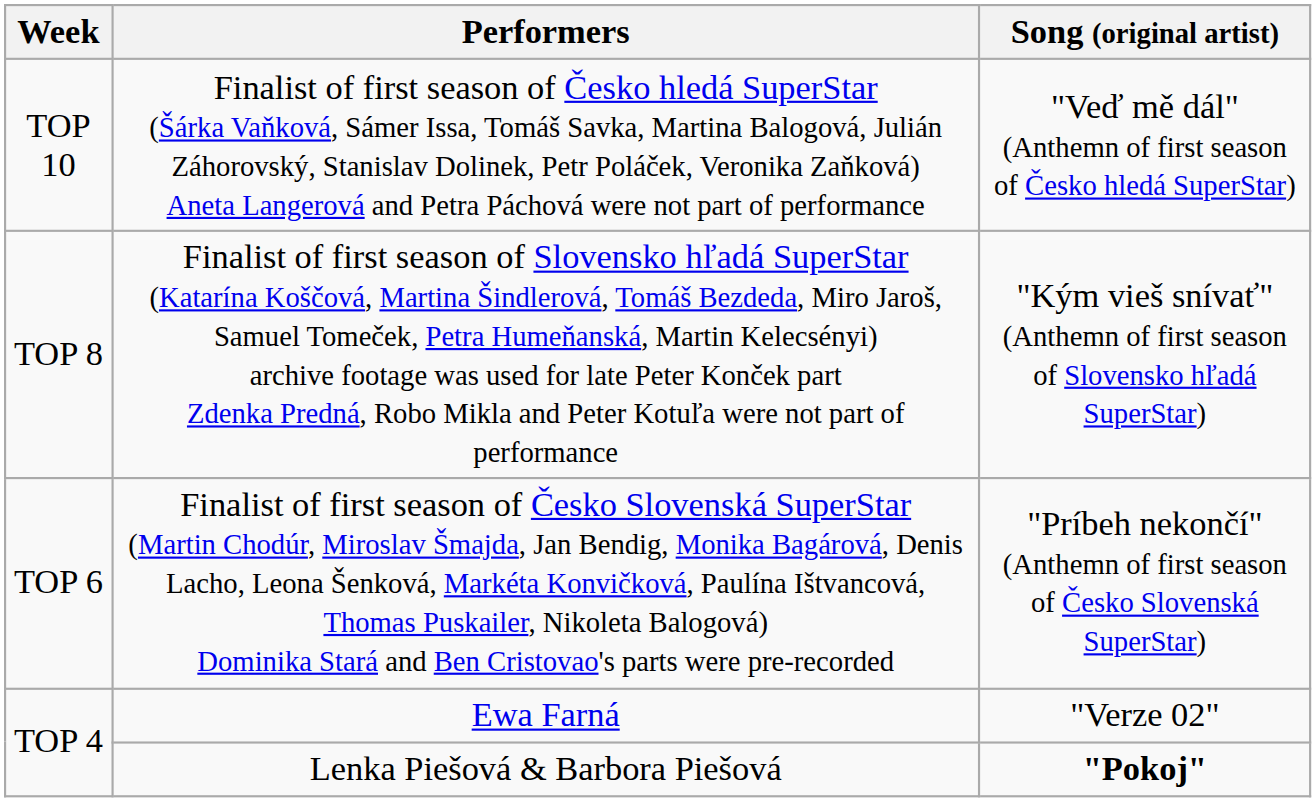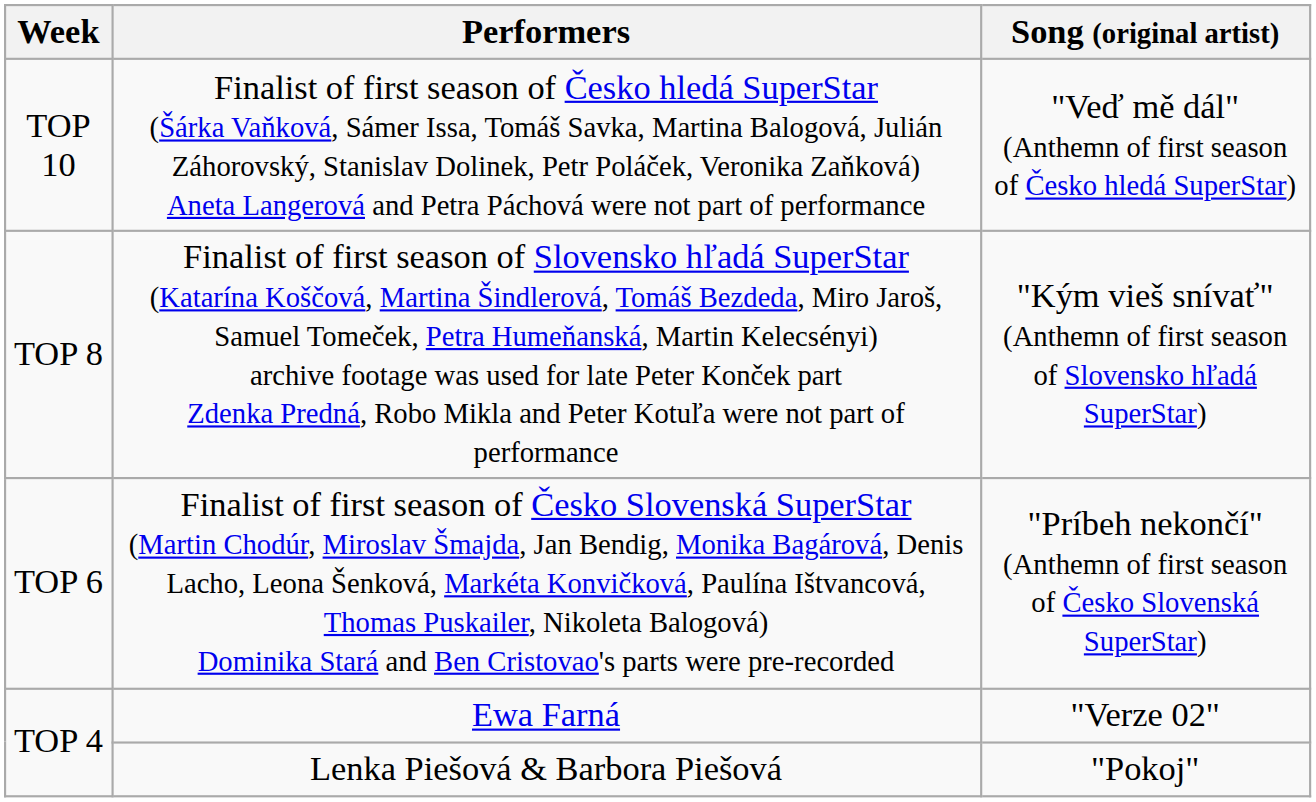 <table class="wikitable" style="text-align:center;">
 <tr>
 <th>Week</th>
 <th>Performers</th>
 <th>Song <small>(original artist)</small></th>
 </tr>
 <tr>
 <td>TOP 10</td>
 <td>Finalist of first season of <a href='#'>Česko hledá SuperStar</a><br><small>(<a href='#'>Šárka Vaňková</a>, Sámer Issa, Tomáš Savka, Martina Balogová, Julián Záhorovský, Stanislav Dolinek, Petr Poláček, Veronika Zaňková)<br><a href='#'>Aneta Langerová</a> and Petra Páchová were not part of performance</small></td>
 <td>"Veď mě dál"<br><small>(Anthemn of first season of <a href='#'>Česko hledá SuperStar</a>)</small></td>
 </tr>
 <tr>
 <td>TOP 8</td>
 <td>Finalist of first season of <a href='#'>Slovensko hľadá SuperStar</a><br><small>(<a href='#'>Katarína Koščová</a>, <a href='#'>Martina Šindlerová</a>, <a href='#'>Tomáš Bezdeda</a>, Miro Jaroš, Samuel Tomeček, <a href='#'>Petra Humeňanská</a>, Martin Kelecsényi)<br>archive footage was used for late Peter Konček part<br><a href='#'>Zdenka Predná</a>, Robo Mikla and Peter Kotuľa  were not part of performance</small></td>
 <td>"Kým vieš snívať"<br><small>(Anthemn of first season of <a href='#'>Slovensko hľadá SuperStar</a>)</small></td>
 </tr>
 <tr>
 <td>TOP 6</td>
 <td>Finalist of first season of <a href='#'>Česko Slovenská SuperStar</a><br><small>(<a href='#'>Martin Chodúr</a>, <a href='#'>Miroslav Šmajda</a>, Jan Bendig, <a href='#'>Monika Bagárová</a>, Denis Lacho, Leona Šenková, <a href='#'>Markéta Konvičková</a>, Paulína Ištvancová, <a href='#'>Thomas Puskailer</a>, Nikoleta Balogová)<br><a href='#'>Dominika Stará</a> and <a href='#'>Ben Cristovao</a>'s parts were pre-recorded</small></td>
 <td>"Príbeh nekončí"<br><small>(Anthemn of first season of <a href='#'>Česko Slovenská SuperStar</a>)</small></td>
 </tr>
 <tr>
 <td rowspan=2>TOP 4</td>
 <td><a href='#'>Ewa Farná</a></td>
 <td>"Verze 02"</td>
 </tr>
 <tr>
 <td>Lenka Piešová & Barbora Piešová</td>
-<td><strong>"Pokoj"</strong></td>
+<td>"Pokoj"</td>
 </tr>
 </table>
